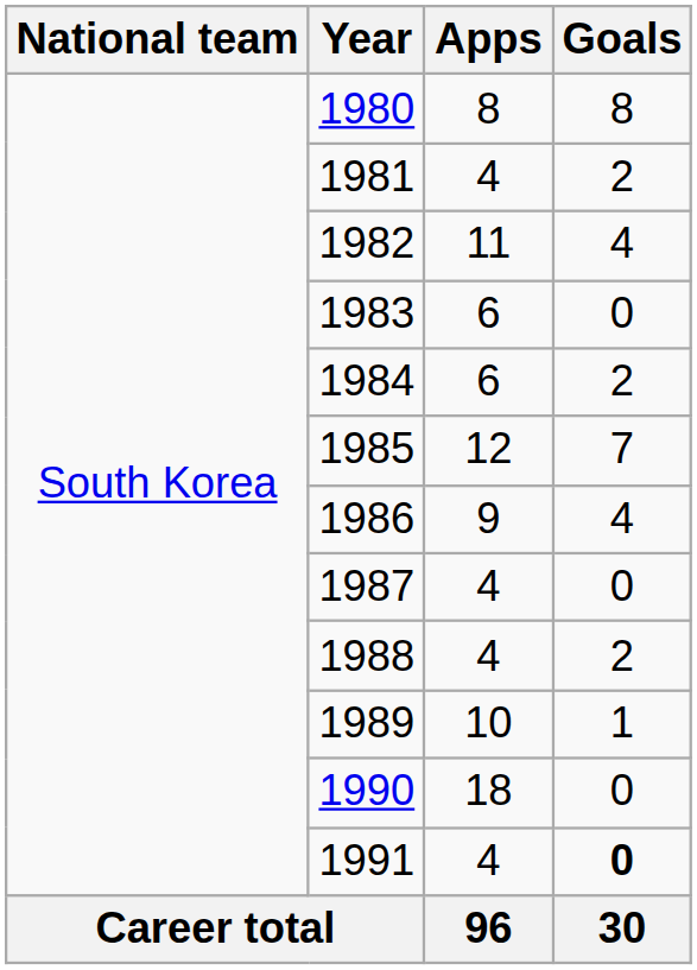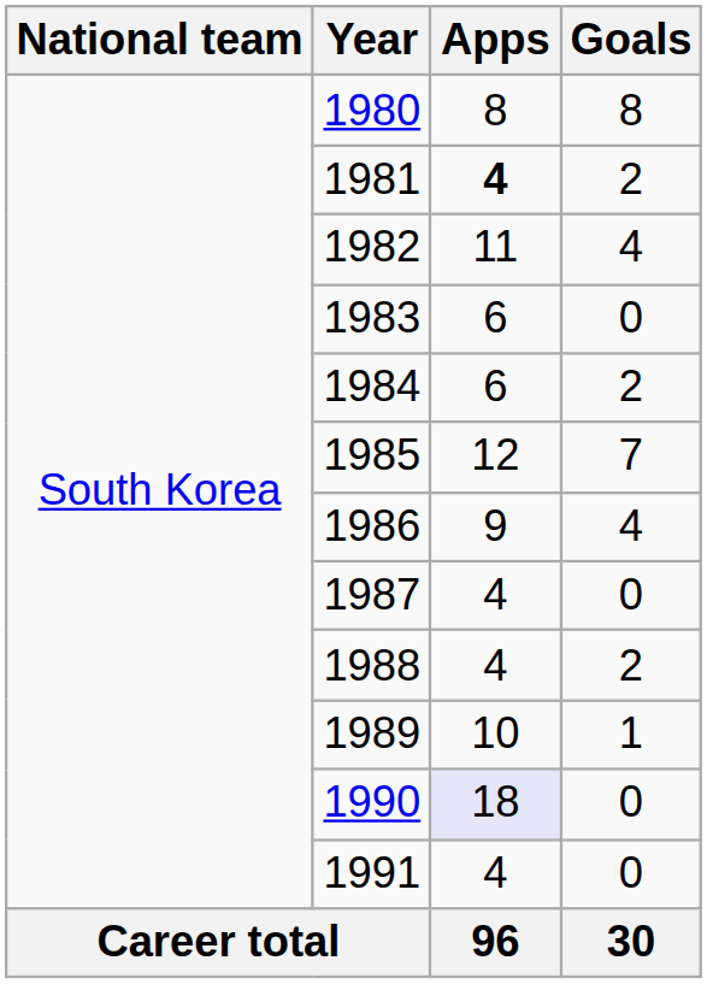 <table class="wikitable" style="text-align:center">
 <tr>
 <th>National team</th>
 <th>Year</th>
 <th>Apps</th>
 <th>Goals</th>
 </tr>
 <tr>
 <td rowspan="12"><a href='#'>South Korea</a></td>
 <td><a href='#'>1980</a></td>
 <td>8</td>
 <td>8</td>
 </tr>
 <tr>
 <td>1981</td>
-<td>4</td>
+<td><strong>4</strong></td>
 <td>2</td>
 </tr>
 <tr>
 <td>1982</td>
 <td>11</td>
 <td>4</td>
 </tr>
 <tr>
 <td>1983</td>
 <td>6</td>
 <td>0</td>
 </tr>
 <tr>
 <td>1984</td>
 <td>6</td>
 <td>2</td>
 </tr>
 <tr>
 <td>1985</td>
 <td>12</td>
 <td>7</td>
 </tr>
 <tr>
 <td>1986</td>
 <td>9</td>
 <td>4</td>
 </tr>
 <tr>
 <td>1987</td>
 <td>4</td>
 <td>0</td>
 </tr>
 <tr>
 <td>1988</td>
 <td>4</td>
 <td>2</td>
 </tr>
 <tr>
 <td>1989</td>
 <td>10</td>
 <td>1</td>
 </tr>
 <tr>
 <td><a href='#'>1990</a></td>
-<td>18</td>
+<td style="background: lavender;">18</td>
 <td>0</td>
 </tr>
 <tr>
 <td>1991</td>
 <td>4</td>
-<td><strong>0</strong></td>
+<td>0</td>
 </tr>
 <tr>
 <th colspan="2">Career total</th>
 <th>96</th>
 <th>30</th>
 </tr>
 </table>
